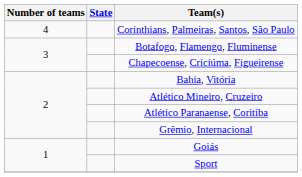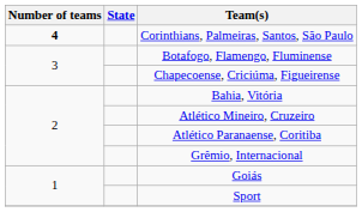 <table class="wikitable" style="text-align:center">
 <tr>
 <th>Number of teams</th>
 <th><a href='#'>State</a></th>
 <th>Team(s)</th>
 </tr>
 <tr>
-<td rowspan="1">4</td>
+<td rowspan="1"><strong>4</strong></td>
 <td align="left"></td>
 <td><a href='#'>Corinthians</a>, <a href='#'>Palmeiras</a>, <a href='#'>Santos</a>, <a href='#'>São Paulo</a></td>
 </tr>
 <tr>
 <td rowspan="2">3</td>
 <td align="left"></td>
 <td><a href='#'>Botafogo</a>, <a href='#'>Flamengo</a>, <a href='#'>Fluminense</a></td>
 </tr>
 <tr>
 <td align="left"></td>
 <td><a href='#'>Chapecoense</a>, <a href='#'>Criciúma</a>, <a href='#'>Figueirense</a></td>
 </tr>
 <tr>
 <td rowspan="4">2</td>
 <td align="left"></td>
 <td><a href='#'>Bahia</a>, <a href='#'>Vitória</a></td>
 </tr>
 <tr>
 <td align="left"></td>
 <td><a href='#'>Atlético Mineiro</a>, <a href='#'>Cruzeiro</a></td>
 </tr>
 <tr>
 <td align="left"></td>
 <td><a href='#'>Atlético Paranaense</a>, <a href='#'>Coritiba</a></td>
 </tr>
 <tr>
 <td align="left"></td>
 <td><a href='#'>Grêmio</a>, <a href='#'>Internacional</a></td>
 </tr>
 <tr>
 <td rowspan="2">1</td>
 <td align="left"></td>
 <td><a href='#'>Goiás</a></td>
 </tr>
 <tr>
 <td align="left"></td>
 <td><a href='#'>Sport</a></td>
 </tr>
 <tr>
 </tr>
 </table>
